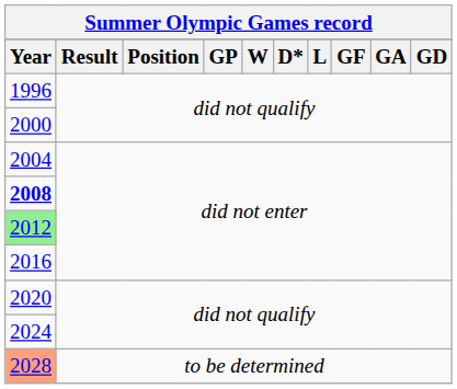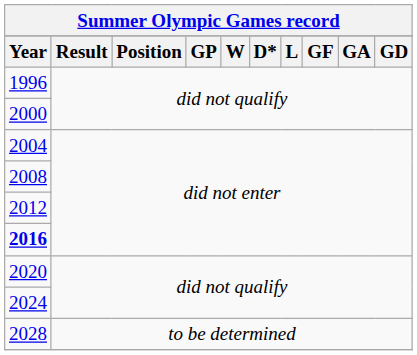 <table class="wikitable" style="text-align: center; font-size:95%;">
 <tr>
 <th colspan="10"><a href='#'>Summer Olympic Games record</a></th>
 </tr>
 <tr>
 </tr>
 <tr>
 <th>Year</th>
 <th>Result</th>
 <th>Position</th>
 <th>GP</th>
 <th>W</th>
 <th>D*</th>
 <th>L</th>
 <th>GF</th>
 <th>GA</th>
 <th>GD</th>
 </tr>
 <tr>
 <td> <a href='#'>1996</a></td>
 <td rowspan=2 colspan=9><em>did not qualify</em></td>
 </tr>
 <tr>
 <td> <a href='#'>2000</a></td>
 </tr>
 <tr>
 <td> <a href='#'>2004</a></td>
 <td rowspan=4 colspan=9><em>did not enter</em></td>
 </tr>
 <tr>
-<td><strong> <a href='#'>2008</a></strong></td>
+<td> <a href='#'>2008</a></td>
 </tr>
 <tr>
-<td style="background: lightgreen;"> <a href='#'>2012</a></td>
+<td> <a href='#'>2012</a></td>
 </tr>
 <tr>
-<td> <a href='#'>2016</a></td>
+<td><strong> <a href='#'>2016</a></strong></td>
 </tr>
 <tr>
 <td> <a href='#'>2020</a></td>
 <td rowspan=2 colspan=9><em>did not qualify</em></td>
 </tr>
 <tr>
 <td> <a href='#'>2024</a></td>
 </tr>
 <tr>
-<td style="background: lightsalmon;"> <a href='#'>2028</a></td>
+<td> <a href='#'>2028</a></td>
 <td colspan=9><em>to be determined</em></td>
 </tr>
 <tr>
 </tr>
 </table>
